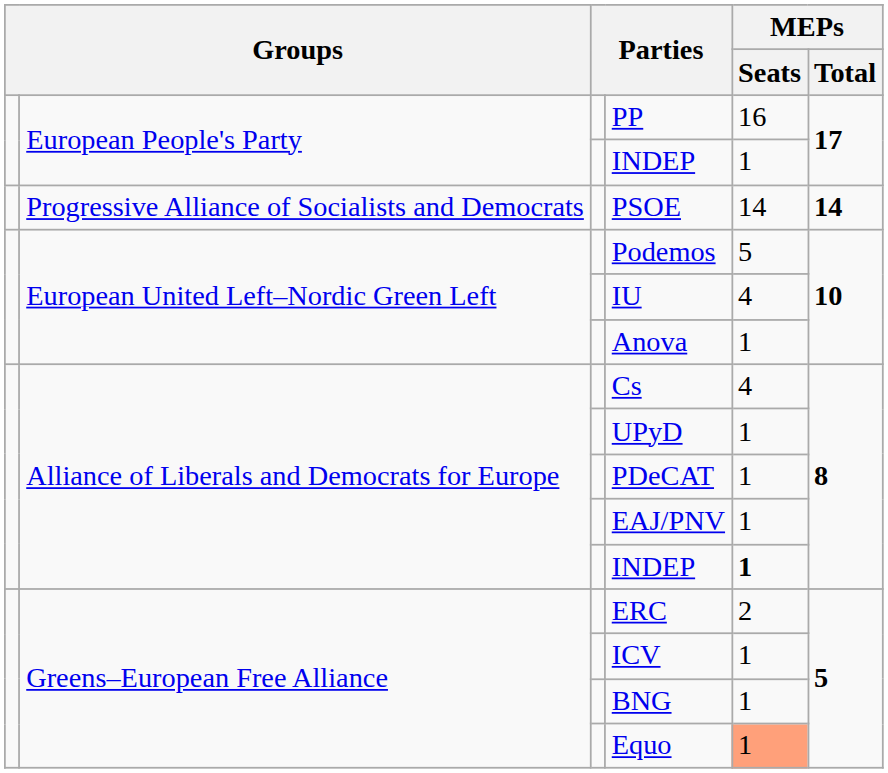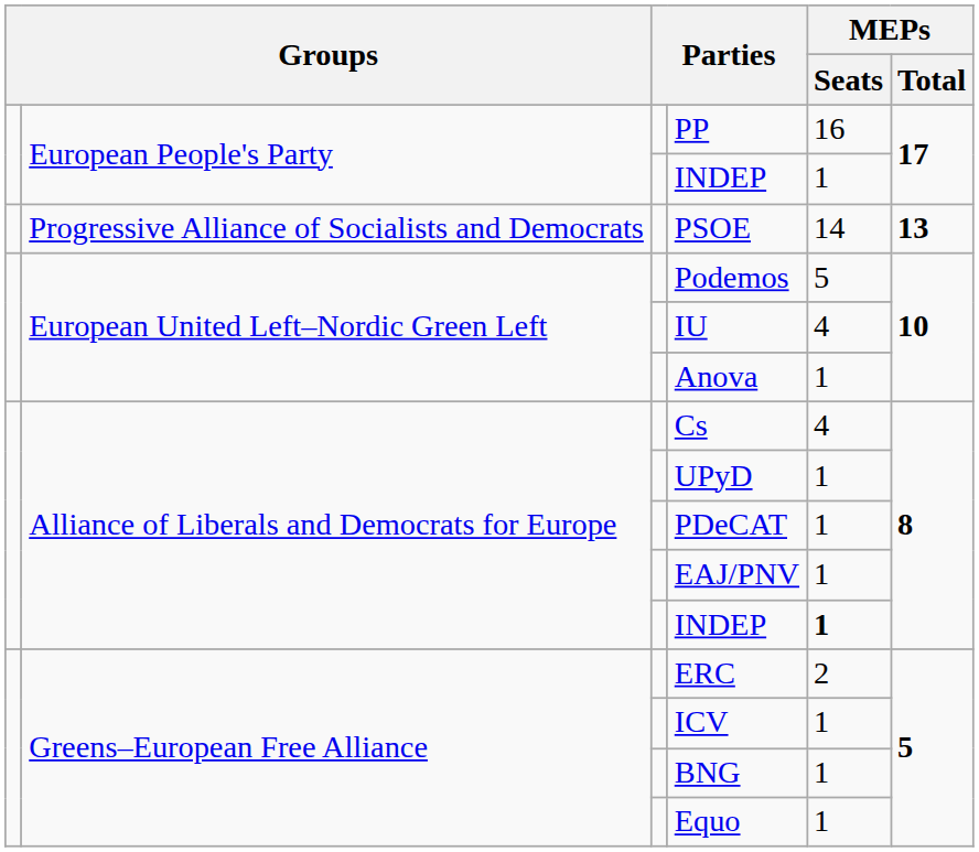 <table class="wikitable" style="text-align:left;">
 <tr>
 <th rowspan="2" colspan="2">Groups</th>
 <th rowspan="2" colspan="2">Parties</th>
 <th colspan="2">MEPs</th>
 </tr>
 <tr>
 <th>Seats</th>
 <th>Total</th>
 </tr>
 <tr>
 <td rowspan="2" width="1"></td>
 <td rowspan="2"><a href='#'>European People's Party</a></td>
 <td width="1" style="color:inherit;background:"></td>
 <td><a href='#'>PP</a></td>
 <td>16</td>
 <td rowspan="2"><strong>17</strong></td>
 </tr>
 <tr>
 <td style="color:inherit;background:"></td>
 <td><a href='#'>INDEP</a></td>
 <td>1</td>
 </tr>
 <tr>
 <td style="color:inherit;background:"></td>
 <td><a href='#'>Progressive Alliance of Socialists and Democrats</a></td>
 <td style="color:inherit;background:"></td>
 <td><a href='#'>PSOE</a></td>
 <td>14</td>
-<td><strong>14</strong></td>
+<td><strong>13</strong></td>
 </tr>
 <tr>
 <td rowspan="3" style="color:inherit;background:"></td>
 <td rowspan="3"><a href='#'>European United Left–Nordic Green Left</a></td>
 <td style="color:inherit;background:"></td>
 <td><a href='#'>Podemos</a></td>
 <td>5</td>
 <td rowspan="3"><strong>10</strong></td>
 </tr>
 <tr>
 <td style="color:inherit;background:"></td>
 <td><a href='#'>IU</a></td>
 <td>4</td>
 </tr>
 <tr>
 <td style="color:inherit;background:"></td>
 <td><a href='#'>Anova</a></td>
 <td>1</td>
 </tr>
 <tr>
 <td rowspan="5" style="color:inherit;background:"></td>
 <td rowspan="5"><a href='#'>Alliance of Liberals and Democrats for Europe</a></td>
 <td style="color:inherit;background:"></td>
 <td><a href='#'>Cs</a></td>
 <td>4</td>
 <td rowspan="5"><strong>8</strong></td>
 </tr>
 <tr>
 <td style="color:inherit;background:"></td>
 <td><a href='#'>UPyD</a></td>
 <td>1</td>
 </tr>
 <tr>
 <td style="color:inherit;background:"></td>
 <td><a href='#'>PDeCAT</a></td>
 <td>1</td>
 </tr>
 <tr>
 <td style="color:inherit;background:"></td>
 <td><a href='#'>EAJ/PNV</a></td>
 <td>1</td>
 </tr>
 <tr>
 <td style="color:inherit;background:"></td>
 <td><a href='#'>INDEP</a></td>
 <td><strong>1</strong></td>
 </tr>
 <tr>
 <td rowspan="4" style="color:inherit;background:"></td>
 <td rowspan="4"><a href='#'>Greens–European Free Alliance</a></td>
 <td style="color:inherit;background:"></td>
 <td><a href='#'>ERC</a></td>
 <td>2</td>
 <td rowspan="4"><strong>5</strong></td>
 </tr>
 <tr>
 <td style="color:inherit;background:"></td>
 <td><a href='#'>ICV</a></td>
 <td>1</td>
 </tr>
 <tr>
 <td style="color:inherit;background:"></td>
 <td><a href='#'>BNG</a></td>
 <td>1</td>
 </tr>
 <tr>
 <td style="color:inherit;background:"></td>
 <td><a href='#'>Equo</a></td>
-<td style="background: lightsalmon;">1</td>
+<td>1</td>
 </tr>
 </table>
